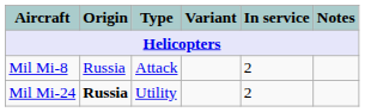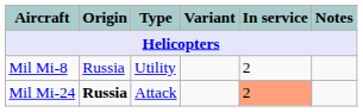 <table class="wikitable">
 <tr>
 <th style="text-align:center; background:#acc;">Aircraft</th>
 <th style="text-align: center; background:#acc;">Origin</th>
 <th style="text-align:l center; background:#acc;">Type</th>
 <th style="text-align:left; background:#acc;">Variant</th>
 <th style="text-align:center; background:#acc;">In service</th>
 <th style="text-align: center; background:#acc;">Notes</th>
 </tr>
 <tr>
 <th style="align: center; background: lavender;" colspan="7"><a href='#'>Helicopters</a></th>
 </tr>
 <tr>
 <td><a href='#'>Mil Mi-8</a></td>
 <td><a href='#'>Russia</a></td>
-<td><a href='#'>Attack</a></td>
+<td><a href='#'>Utility</a></td>
 <td></td>
 <td>2</td>
 <td></td>
 </tr>
 <tr>
 <td><a href='#'>Mil Mi-24</a></td>
 <td><strong>Russia</strong></td>
-<td><a href='#'>Utility</a></td>
+<td><a href='#'>Attack</a></td>
 <td></td>
-<td>2</td>
+<td style="background: lightsalmon;">2</td>
 <td></td>
 </tr>
 </table>
